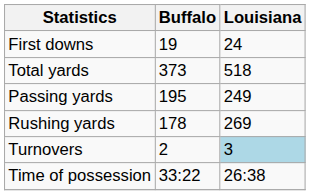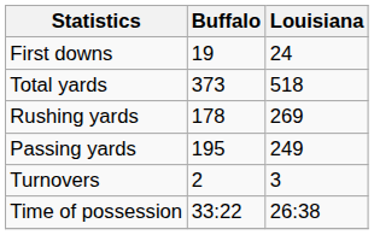 <table class="wikitable">
 <tr>
 <th>Statistics</th>
 <th>Buffalo</th>
 <th>Louisiana</th>
 </tr>
 <tr>
 <td>First downs</td>
 <td>19</td>
 <td>24</td>
 </tr>
 <tr>
 <td>Total yards</td>
 <td>373</td>
 <td>518</td>
 </tr>
 <tr>
+<td>Rushing yards</td>
+<td>178</td>
+<td>269</td>
+</tr>
+<tr>
 <td>Passing yards</td>
 <td>195</td>
 <td>249</td>
 </tr>
 <tr>
-<td>Rushing yards</td>
-<td>178</td>
-<td>269</td>
-</tr>
-<tr>
 <td>Turnovers</td>
 <td>2</td>
-<td style="background: lightblue;">3</td>
+<td>3</td>
 </tr>
 <tr>
 <td>Time of possession</td>
 <td>33:22</td>
 <td>26:38</td>
 </tr>
 <tr>
 </tr>
 </table>
